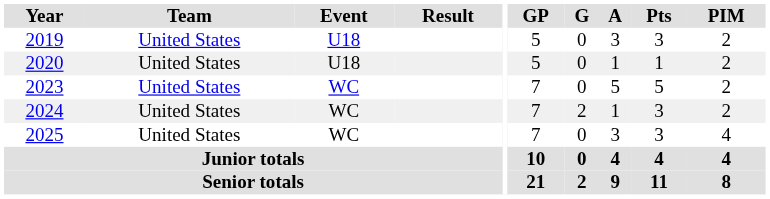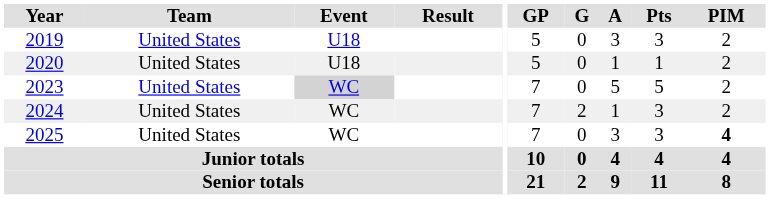 <table border="0" cellpadding="1" cellspacing="0" ID="Table3" style="text-align:center; width:40em">
 <tr ALIGN="center" bgcolor="#e0e0e0">
 <th>Year</th>
 <th>Team</th>
 <th>Event</th>
 <th>Result</th>
 <th rowspan="99" bgcolor="#ffffff"></th>
 <th>GP</th>
 <th>G</th>
 <th>A</th>
 <th>Pts</th>
 <th>PIM</th>
 </tr>
 <tr>
 <td><a href='#'>2019</a></td>
 <td><a href='#'>United States</a></td>
 <td><a href='#'>U18</a></td>
 <td></td>
 <td>5</td>
 <td>0</td>
 <td>3</td>
 <td>3</td>
 <td>2</td>
 </tr>
 <tr bgcolor="#f0f0f0">
 <td><a href='#'>2020</a></td>
 <td>United States</td>
 <td>U18</td>
 <td></td>
 <td>5</td>
 <td>0</td>
 <td>1</td>
 <td>1</td>
 <td>2</td>
 </tr>
 <tr>
 <td><a href='#'>2023</a></td>
 <td><a href='#'>United States</a></td>
-<td><a href='#'>WC</a></td>
+<td style="background: lightgrey;"><a href='#'>WC</a></td>
 <td></td>
 <td>7</td>
 <td>0</td>
 <td>5</td>
 <td>5</td>
 <td>2</td>
 </tr>
 <tr bgcolor="#f0f0f0">
 <td><a href='#'>2024</a></td>
 <td>United States</td>
 <td>WC</td>
 <td></td>
 <td>7</td>
 <td>2</td>
 <td>1</td>
 <td>3</td>
 <td>2</td>
 </tr>
 <tr>
 <td><a href='#'>2025</a></td>
 <td>United States</td>
 <td>WC</td>
 <td></td>
 <td>7</td>
 <td>0</td>
 <td>3</td>
 <td>3</td>
-<td>4</td>
+<td><strong>4</strong></td>
 </tr>
 <tr bgcolor="#e0e0e0">
 <th colspan="4">Junior totals</th>
 <th>10</th>
 <th>0</th>
 <th>4</th>
 <th>4</th>
 <th>4</th>
 </tr>
 <tr bgcolor="#e0e0e0">
 <th colspan="4">Senior totals</th>
 <th>21</th>
 <th>2</th>
 <th>9</th>
 <th>11</th>
 <th>8</th>
 </tr>
 </table>
